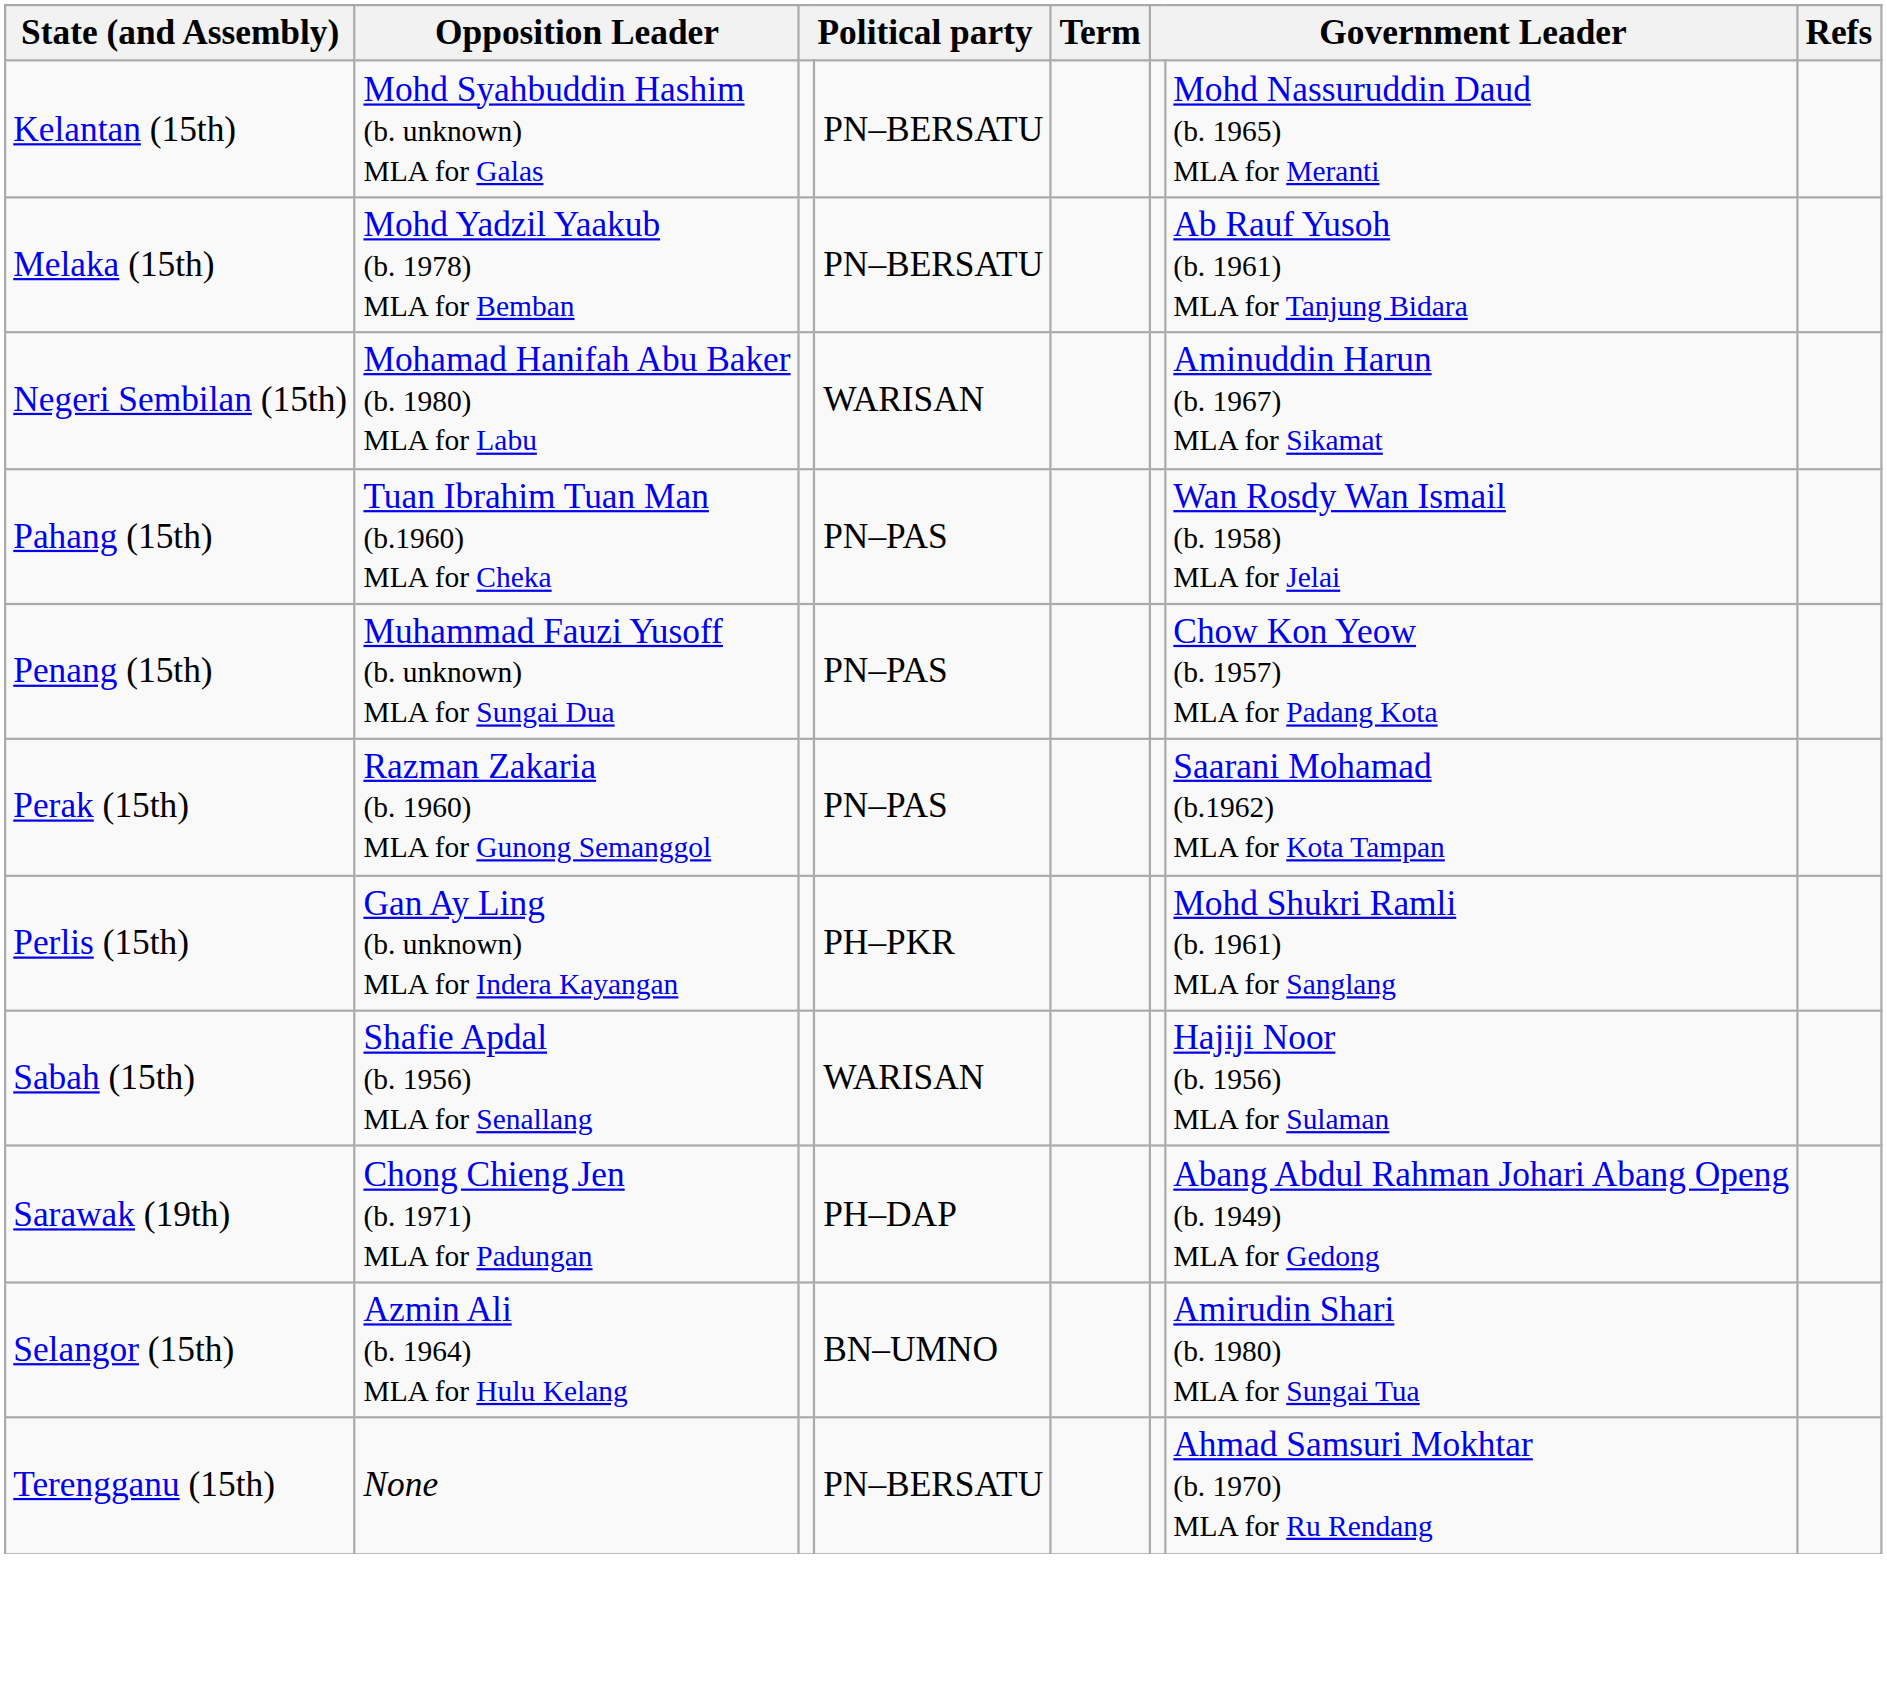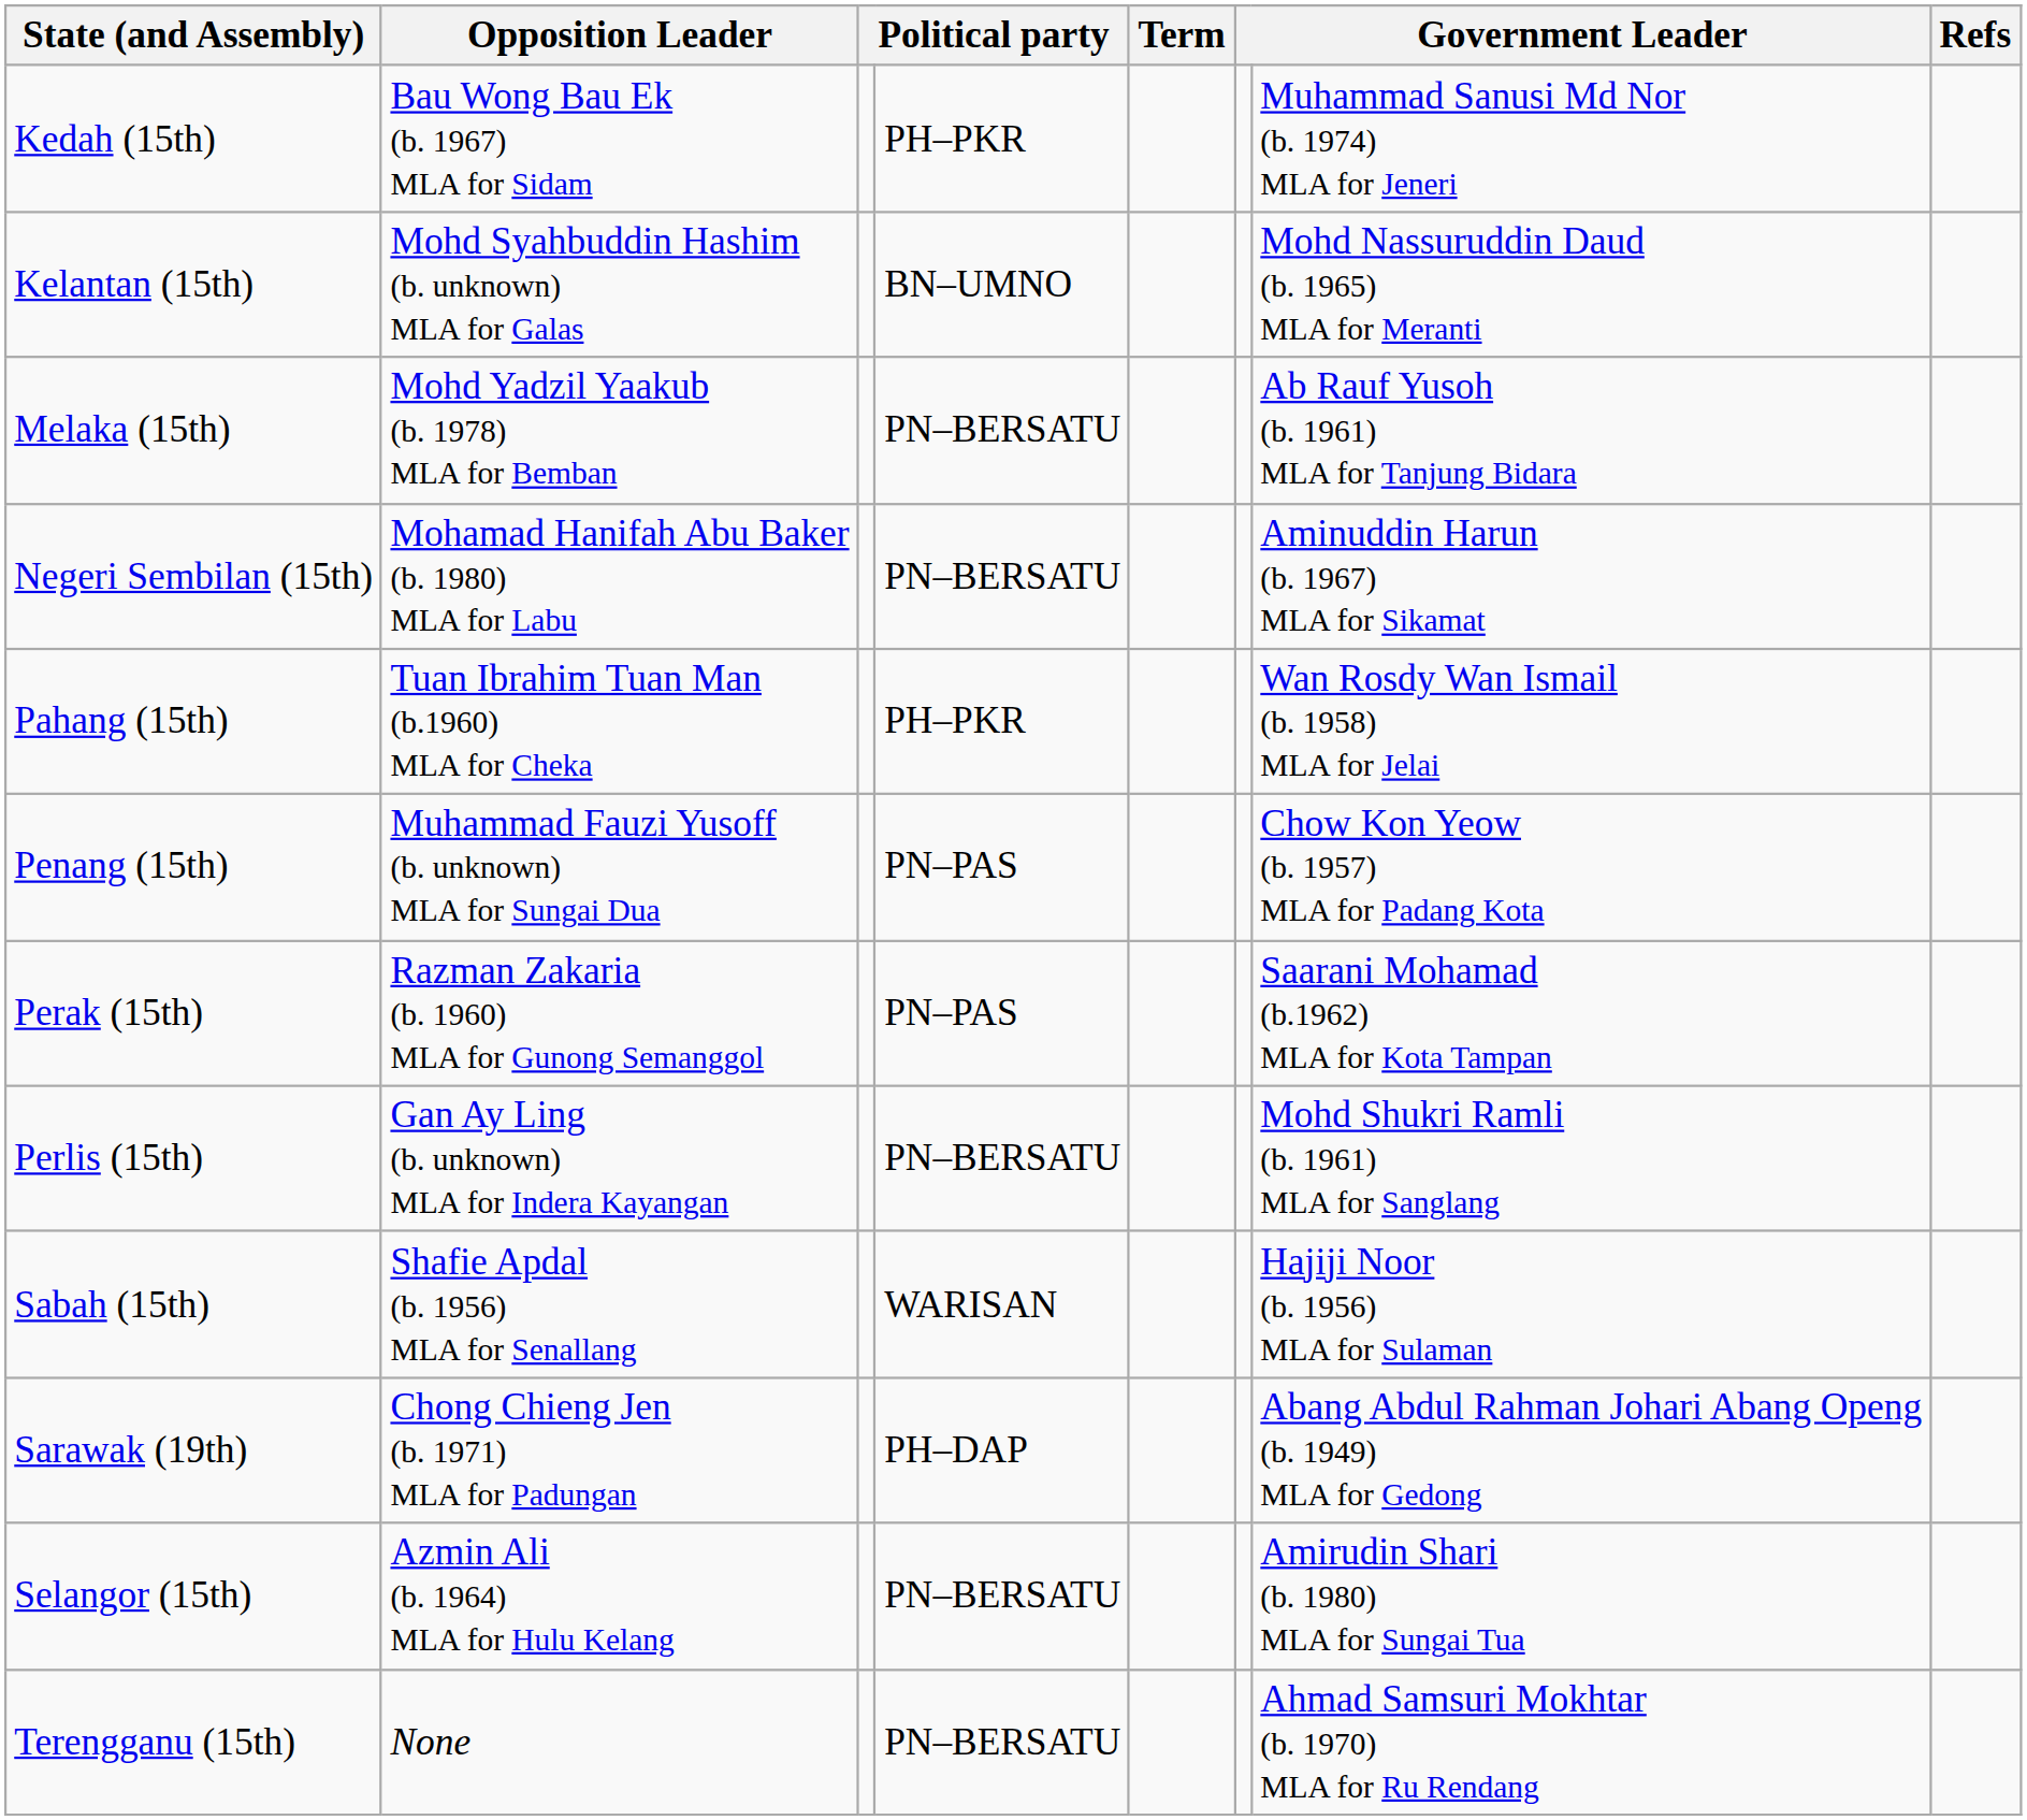 <table class=wikitable sortable>
 <tr>
 <th>State (and Assembly)</th>
 <th>Opposition Leader</th>
 <th colspan=2>Political party</th>
 <th>Term</th>
 <th colspan=2>Government Leader</th>
 <th>Refs </th>
 </tr>
 <tr>
+<td align=left> <a href='#'>Kedah</a> (15th)</td>
+<td><a href='#'>Bau Wong Bau Ek</a><br><small>(b. 1967)<br>MLA for <a href='#'>Sidam</a></small></td>
+<td style="background:"></td>
+<td>PH–PKR</td>
+<td><br></td>
+<td style="background:"></td>
+<td><a href='#'>Muhammad Sanusi Md Nor</a><br><small>(b. 1974)<br>MLA for <a href='#'>Jeneri</a></small></td>
+<td></td>
+</tr>
+<tr>
 <td align=left> <a href='#'>Kelantan</a> (15th)</td>
 <td><a href='#'>Mohd Syahbuddin Hashim</a> <br><small>(b. unknown)<br>MLA for <a href='#'>Galas</a></small></td>
 <td style="background:"></td>
-<td>PN–BERSATU</td>
+<td>BN–UMNO</td>
 <td><br></td>
 <td style="background:"></td>
 <td><a href='#'>Mohd Nassuruddin Daud</a><br><small>(b. 1965)<br>MLA for <a href='#'>Meranti</a></small></td>
 <td></td>
 </tr>
 <tr>
 <td align=left> <a href='#'>Melaka</a> (15th)</td>
 <td><a href='#'>Mohd Yadzil Yaakub</a><br><small>(b. 1978)<br>MLA for <a href='#'>Bemban</a></small></td>
 <td style="background:"></td>
 <td>PN–BERSATU</td>
 <td><br></td>
 <td style="background:"></td>
 <td><a href='#'>Ab Rauf Yusoh</a><br><small>(b. 1961)<br>MLA for <a href='#'>Tanjung Bidara</a></small></td>
 <td></td>
 </tr>
 <tr>
 <td align=left> <a href='#'>Negeri Sembilan</a> (15th)</td>
 <td><a href='#'>Mohamad Hanifah Abu Baker</a> <br><small>(b. 1980)<br>MLA for <a href='#'>Labu</a></small></td>
 <td style="background:"></td>
-<td>WARISAN</td>
+<td>PN–BERSATU</td>
 <td><br></td>
 <td style="background:"></td>
 <td><a href='#'>Aminuddin Harun</a><br><small>(b. 1967)<br>MLA for <a href='#'>Sikamat</a></small></td>
 <td></td>
 </tr>
 <tr>
 <td align=left> <a href='#'>Pahang</a> (15th)</td>
 <td><a href='#'>Tuan Ibrahim Tuan Man</a> <br><small>(b.1960)<br>MLA for <a href='#'>Cheka</a></small></td>
 <td style="background:"></td>
-<td>PN–PAS</td>
+<td>PH–PKR</td>
 <td><br></td>
 <td style="background:"></td>
 <td><a href='#'>Wan Rosdy Wan Ismail</a><br><small>(b. 1958)<br>MLA for <a href='#'>Jelai</a></small></td>
 <td></td>
 </tr>
 <tr>
 <td align=left> <a href='#'>Penang</a> (15th)</td>
 <td><a href='#'>Muhammad Fauzi Yusoff</a> <br><small>(b. unknown)<br>MLA for <a href='#'>Sungai Dua</a></small></td>
 <td style="background:"></td>
 <td>PN–PAS</td>
 <td><br></td>
 <td style="background:"></td>
 <td><a href='#'>Chow Kon Yeow</a><br><small>(b. 1957)<br>MLA for <a href='#'>Padang Kota</a></small></td>
 <td></td>
 </tr>
 <tr>
 <td align=left> <a href='#'>Perak</a> (15th)</td>
 <td><a href='#'>Razman Zakaria</a><br><small>(b. 1960)<br>MLA for <a href='#'>Gunong Semanggol</a></small></td>
 <td style="background:"></td>
 <td>PN–PAS</td>
 <td><br></td>
 <td style="background:"></td>
 <td><a href='#'>Saarani Mohamad</a><br><small>(b.1962)<br>MLA for <a href='#'>Kota Tampan</a></small></td>
 <td></td>
 </tr>
 <tr>
 <td align=left> <a href='#'>Perlis</a> (15th)</td>
 <td><a href='#'>Gan Ay Ling</a> <br><small>(b. unknown)<br>MLA for <a href='#'>Indera Kayangan</a></small></td>
 <td style="background:"></td>
-<td>PH–PKR</td>
+<td>PN–BERSATU</td>
 <td><br></td>
 <td style="background:"></td>
 <td><a href='#'>Mohd Shukri Ramli</a><br><small>(b. 1961)<br>MLA for <a href='#'>Sanglang</a></small></td>
 <td></td>
 </tr>
 <tr>
 <td align=left> <a href='#'>Sabah</a> (15th)</td>
 <td><a href='#'>Shafie Apdal</a><br><small>(b. 1956)<br>MLA for <a href='#'>Senallang</a></small></td>
 <td style="background:"></td>
 <td>WARISAN</td>
 <td><br></td>
 <td style="background:"></td>
 <td><a href='#'>Hajiji Noor</a><br><small>(b. 1956)<br>MLA for <a href='#'>Sulaman</a></small></td>
 <td></td>
 </tr>
 <tr>
 <td align=left> <a href='#'>Sarawak</a> (19th)</td>
 <td><a href='#'>Chong Chieng Jen</a><br><small>(b. 1971)<br>MLA for <a href='#'>Padungan</a></small></td>
 <td style="background:"></td>
 <td>PH–DAP</td>
 <td><br></td>
 <td style="background:"></td>
 <td><a href='#'>Abang Abdul Rahman Johari Abang Openg</a><br><small>(b. 1949)<br>MLA for <a href='#'>Gedong</a></small></td>
 <td></td>
 </tr>
 <tr>
 <td align=left> <a href='#'>Selangor</a> (15th)</td>
 <td><a href='#'>Azmin Ali</a> <br><small>(b. 1964)<br>MLA for <a href='#'>Hulu Kelang</a></small></td>
 <td style="background:"></td>
-<td>BN–UMNO</td>
+<td>PN–BERSATU</td>
 <td><br></td>
 <td style="background:"></td>
 <td><a href='#'>Amirudin Shari</a><br><small>(b. 1980)<br>MLA for <a href='#'>Sungai Tua</a></small></td>
 <td></td>
 </tr>
 <tr>
 <td align=left> <a href='#'>Terengganu</a> (15th)</td>
 <td><em>None</em></td>
 <td></td>
 <td>PN–BERSATU</td>
 <td><br></td>
 <td style="background:"></td>
 <td><a href='#'>Ahmad Samsuri Mokhtar</a><br><small>(b. 1970)<br>MLA for <a href='#'>Ru Rendang</a></small></td>
 <td></td>
 </tr>
 </table>
